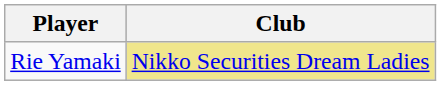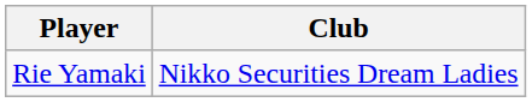 <table class="wikitable">
 <tr>
 <th>Player</th>
 <th>Club</th>
 </tr>
 <tr>
 <td> <a href='#'>Rie Yamaki</a></td>
-<td style="background: khaki;"><a href='#'>Nikko Securities Dream Ladies</a></td>
+<td><a href='#'>Nikko Securities Dream Ladies</a></td>
 </tr>
 </table>
